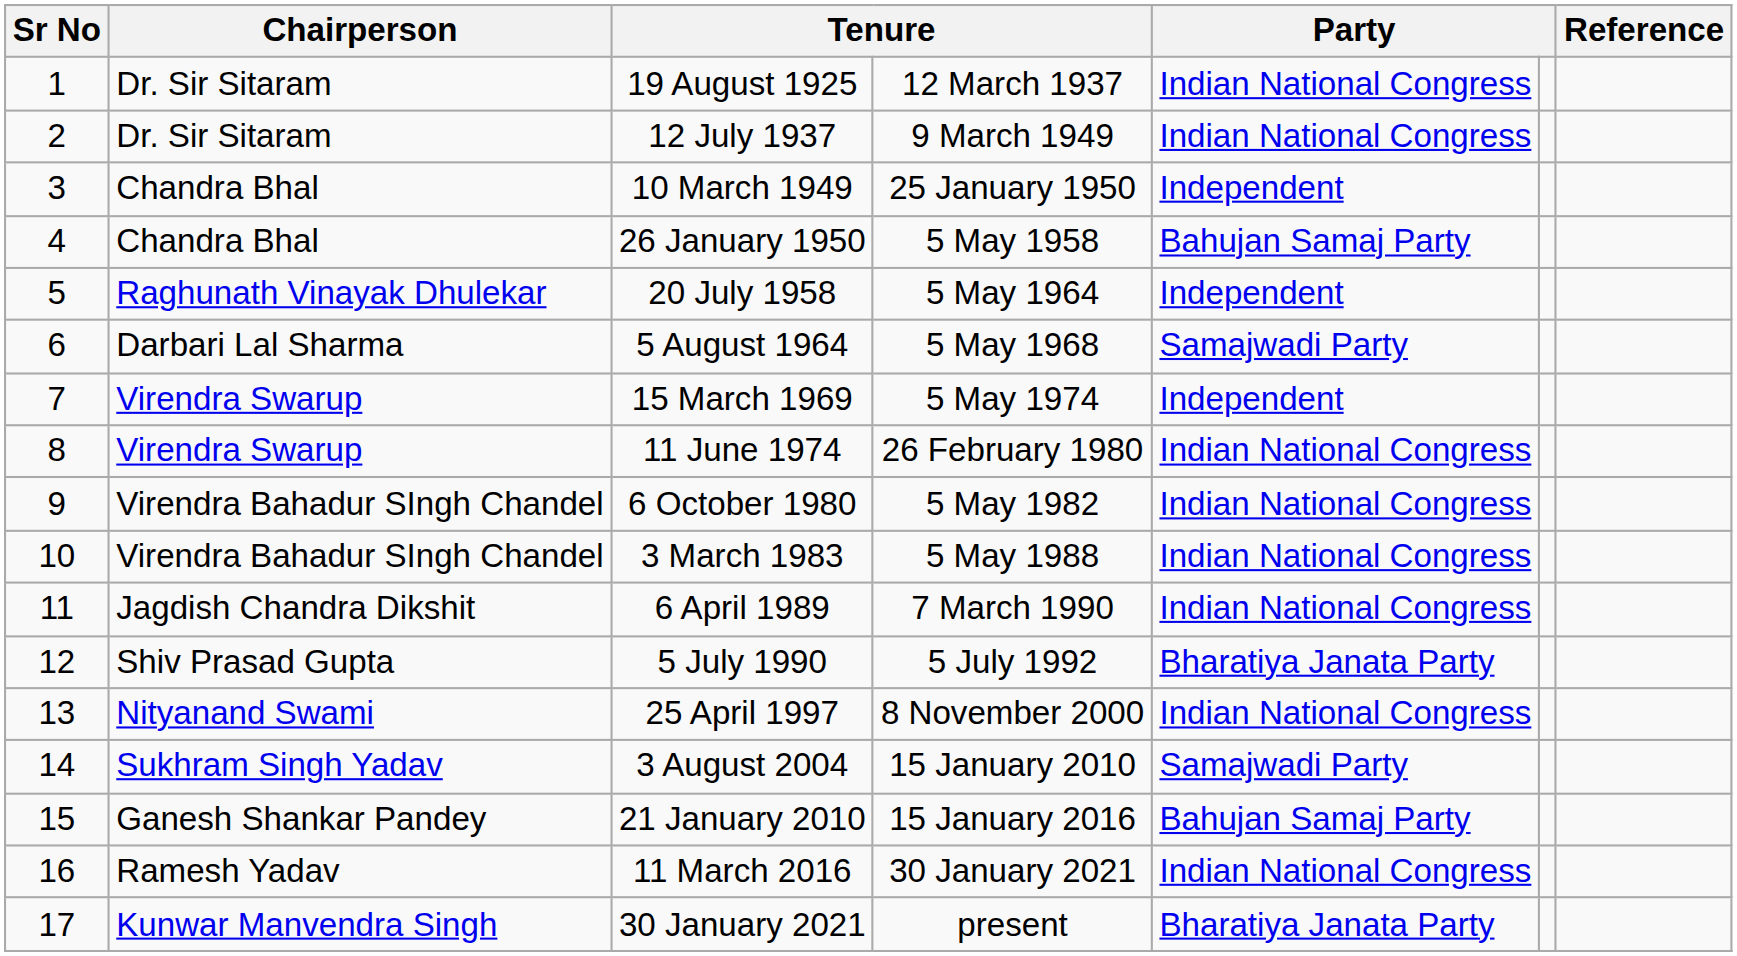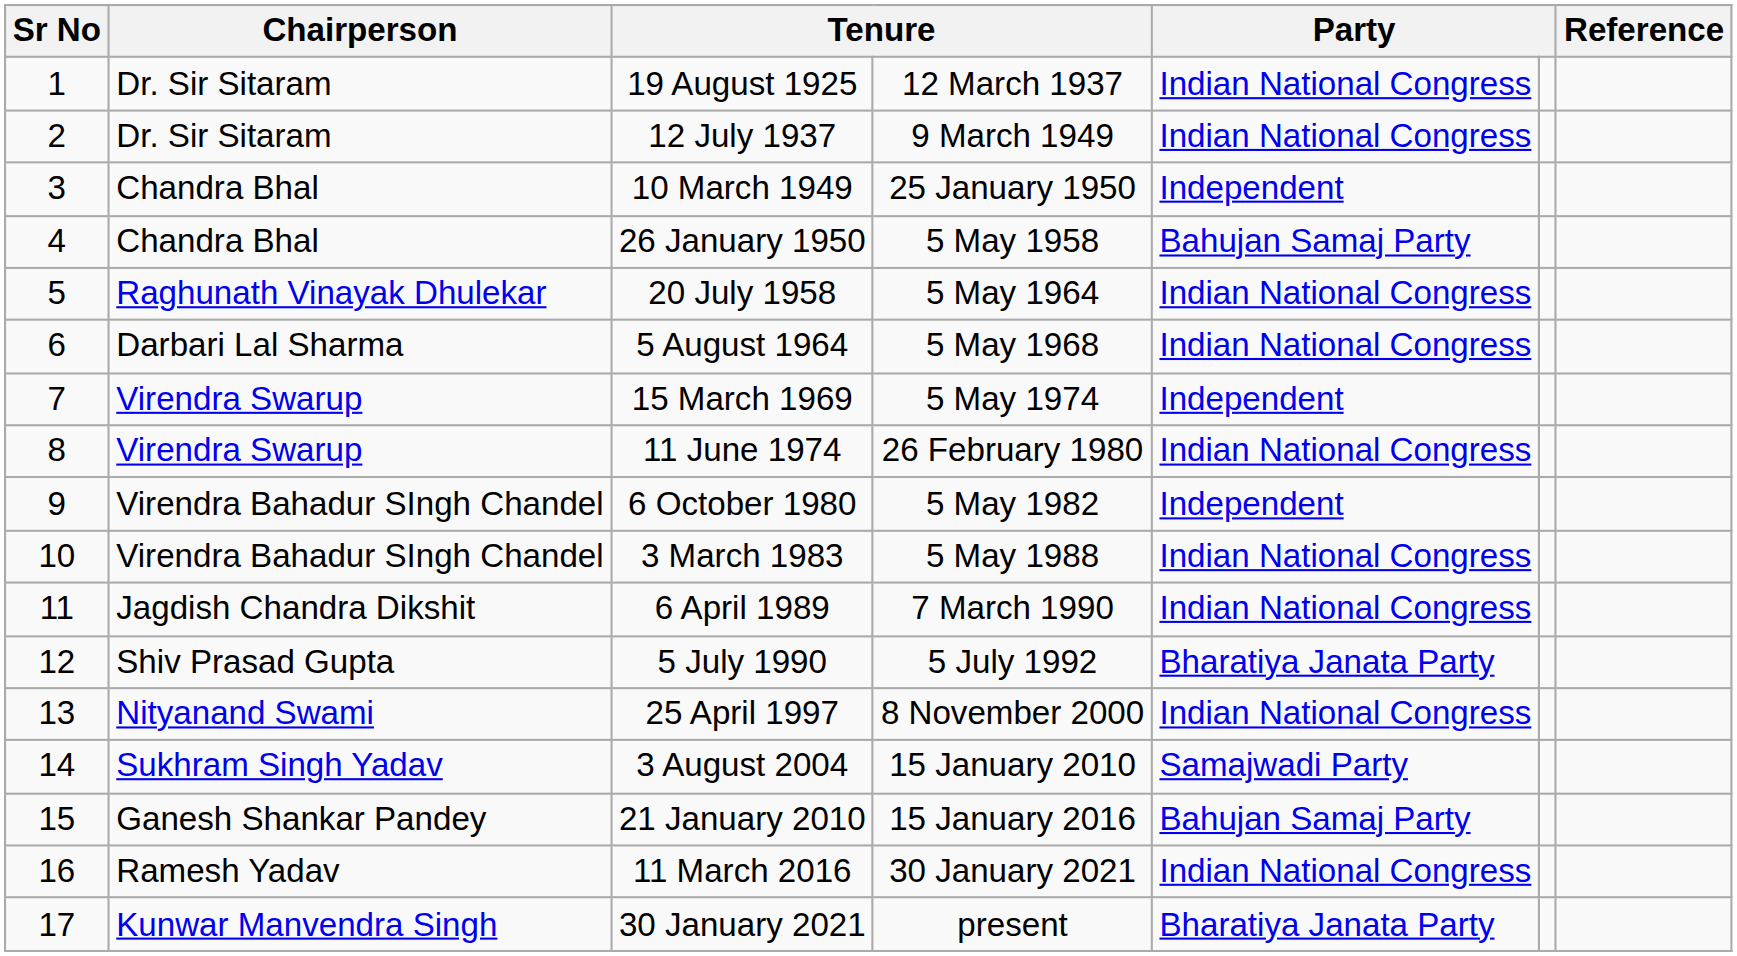 <table class="wikitable sortable">
 <tr>
 <th>Sr No</th>
 <th>Chairperson</th>
 <th colspan="2" scope="col">Tenure</th>
 <th colspan="2" scope="col">Party</th>
 <th>Reference</th>
 </tr>
 <tr>
 <td style="text-align:center;">1</td>
 <td>Dr. Sir Sitaram</td>
 <td style="text-align:center;">19 August 1925</td>
 <td style="text-align:center;">12 March 1937</td>
 <td><a href='#'>Indian National Congress</a></td>
 <td style="background-color: "></td>
 <td style="text-align:center;"></td>
 </tr>
 <tr>
 <td style="text-align:center;">2</td>
 <td>Dr. Sir Sitaram</td>
 <td style="text-align:center;">12 July 1937</td>
 <td style="text-align:center;">9 March 1949</td>
 <td><a href='#'>Indian National Congress</a></td>
 <td style="background-color: "></td>
 <td style="text-align:center;"></td>
 </tr>
 <tr>
 <td style="text-align:center;">3</td>
 <td>Chandra Bhal</td>
 <td style="text-align:center;">10 March 1949</td>
 <td style="text-align:center;">25 January 1950</td>
 <td><a href='#'>Independent</a></td>
 <td style="background-color: "></td>
 <td style="text-align:center;"></td>
 </tr>
 <tr>
 <td style="text-align:center;">4</td>
 <td>Chandra Bhal</td>
 <td style="text-align:center;">26 January 1950</td>
 <td style="text-align:center;">5 May 1958</td>
 <td><a href='#'>Bahujan Samaj Party</a></td>
 <td style="background-color: "></td>
 <td style="text-align:center;"></td>
 </tr>
 <tr>
 <td style="text-align:center;">5</td>
 <td><a href='#'>Raghunath Vinayak Dhulekar</a></td>
 <td style="text-align:center;">20 July 1958</td>
 <td style="text-align:center;">5 May 1964</td>
-<td><a href='#'>Independent</a></td>
+<td><a href='#'>Indian National Congress</a></td>
 <td style="background-color: "></td>
 <td style="text-align:center;"></td>
 </tr>
 <tr>
 <td style="text-align:center;">6</td>
 <td>Darbari Lal Sharma</td>
 <td style="text-align:center;">5 August 1964</td>
 <td style="text-align:center;">5 May 1968</td>
-<td><a href='#'>Samajwadi Party</a></td>
+<td><a href='#'>Indian National Congress</a></td>
 <td style="width:1px; background-color: "></td>
 <td style="text-align:center;"></td>
 </tr>
 <tr>
 <td style="text-align:center;">7</td>
 <td><a href='#'>Virendra Swarup</a></td>
 <td style="text-align:center;">15 March 1969</td>
 <td style="text-align:center;">5 May 1974</td>
 <td><a href='#'>Independent</a></td>
 <td style="width:1px; background-color: "></td>
 <td style="text-align:center;"></td>
 </tr>
 <tr>
 <td style="text-align:center;">8</td>
 <td><a href='#'>Virendra Swarup</a></td>
 <td style="text-align:center;">11 June 1974</td>
 <td style="text-align:center;">26 February 1980</td>
 <td><a href='#'>Indian National Congress</a></td>
 <td style="width:1px; background-color: "></td>
 <td style="text-align:center;"></td>
 </tr>
 <tr>
 <td style="text-align:center;">9</td>
 <td>Virendra Bahadur SIngh Chandel</td>
 <td style="text-align:center;">6 October 1980</td>
 <td style="text-align:center;">5 May 1982</td>
-<td><a href='#'>Indian National Congress</a></td>
+<td><a href='#'>Independent</a></td>
 <td style="background-color: "></td>
 <td style="text-align:center;"></td>
 </tr>
 <tr>
 <td style="text-align:center;">10</td>
 <td>Virendra Bahadur SIngh Chandel</td>
 <td style="text-align:center;">3 March 1983</td>
 <td style="text-align:center;">5 May 1988</td>
 <td><a href='#'>Indian National Congress</a></td>
 <td style="background-color: "></td>
 <td style="text-align:center;"></td>
 </tr>
 <tr>
 <td style="text-align:center;">11</td>
 <td>Jagdish Chandra Dikshit</td>
 <td style="text-align:center;">6 April 1989</td>
 <td style="text-align:center;">7 March 1990</td>
 <td><a href='#'>Indian National Congress</a></td>
 <td style="background-color: "></td>
 <td style="text-align:center;"></td>
 </tr>
 <tr>
 <td style="text-align:center;">12</td>
 <td>Shiv Prasad Gupta</td>
 <td style="text-align:center;">5 July 1990</td>
 <td style="text-align:center;">5 July 1992</td>
 <td><a href='#'>Bharatiya Janata Party</a></td>
 <td style="background-color: "></td>
 <td style="text-align:center;"></td>
 </tr>
 <tr>
 <td style="text-align:center;">13</td>
 <td><a href='#'>Nityanand Swami</a></td>
 <td style="text-align:center;">25 April 1997</td>
 <td style="text-align:center;">8 November 2000</td>
 <td><a href='#'>Indian National Congress</a></td>
 <td style="width:1px; background-color: "></td>
 <td style="text-align:center;"></td>
 </tr>
 <tr>
 <td style="text-align:center;">14</td>
 <td><a href='#'>Sukhram Singh Yadav</a></td>
 <td style="text-align:center;">3 August 2004</td>
 <td style="text-align:center;">15 January 2010</td>
 <td><a href='#'>Samajwadi Party</a></td>
 <td style="background-color: "></td>
 <td style="text-align:center;"></td>
 </tr>
 <tr>
 <td style="text-align:center;">15</td>
 <td>Ganesh Shankar Pandey</td>
 <td style="text-align:center;">21 January 2010</td>
 <td style="text-align:center;">15 January 2016</td>
 <td><a href='#'>Bahujan Samaj Party</a></td>
 <td style="background-color: "></td>
 <td style="text-align:center;"></td>
 </tr>
 <tr>
 <td style="text-align:center;">16</td>
 <td>Ramesh Yadav</td>
 <td style="text-align:center;">11 March 2016</td>
 <td style="text-align:center;">30 January 2021</td>
 <td><a href='#'>Indian National Congress</a></td>
 <td style="background-color: "></td>
 <td style="text-align:center;"></td>
 </tr>
 <tr>
 <td style="text-align:center;">17</td>
 <td><a href='#'>Kunwar Manvendra Singh</a></td>
 <td style="text-align:center;">30 January 2021</td>
 <td style="text-align:center;">present</td>
 <td><a href='#'>Bharatiya Janata Party</a></td>
 <td style="background-color: "></td>
 <td style="text-align:center;"></td>
 </tr>
 <tr>
 </tr>
 </table>
